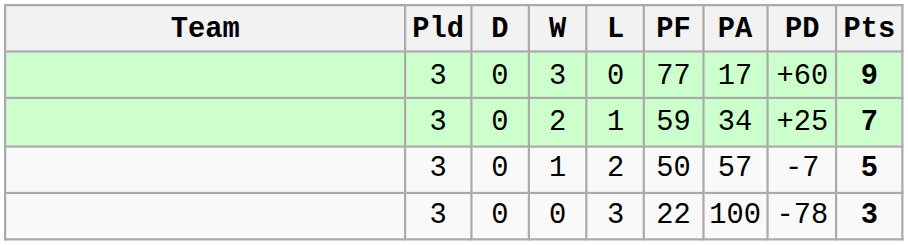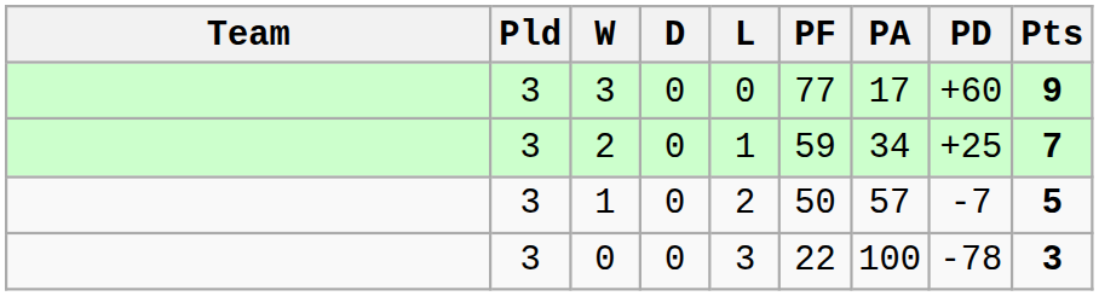 <table class="wikitable" style="text-align:center;">
 <tr>
 <th width=175>Team</th>
 <th width=20 abbr="Played">Pld</th>
+<th width=20 abbr="Won">W</th>
 <th width=20 abbr="Drawn">D</th>
-<th width=20 abbr="Won">W</th>
 <th width=20 abbr="Lost">L</th>
 <th width=20 abbr="Points for">PF</th>
 <th width=20 abbr="Points against">PA</th>
 <th width=25 abbr="Points difference">PD</th>
 <th width=20 abbr="Points">Pts</th>
 </tr>
 <tr bgcolor=ccffcc>
 <td align=left></td>
 <td>3</td>
+<td>3</td>
 <td>0</td>
-<td>3</td>
 <td>0</td>
 <td>77</td>
 <td>17</td>
 <td>+60</td>
 <td><strong>9</strong></td>
 </tr>
 <tr bgcolor=ccffcc>
 <td align=left></td>
 <td>3</td>
+<td>2</td>
 <td>0</td>
-<td>2</td>
 <td>1</td>
 <td>59</td>
 <td>34</td>
 <td>+25</td>
 <td><strong>7</strong></td>
 </tr>
 <tr>
 <td align=left></td>
 <td>3</td>
+<td>1</td>
 <td>0</td>
-<td>1</td>
 <td>2</td>
 <td>50</td>
 <td>57</td>
 <td>-7</td>
 <td><strong>5</strong></td>
 </tr>
 <tr>
 <td align=left></td>
 <td>3</td>
 <td>0</td>
 <td>0</td>
 <td>3</td>
 <td>22</td>
 <td>100</td>
 <td>-78</td>
 <td><strong>3</strong></td>
 </tr>
 </table>
